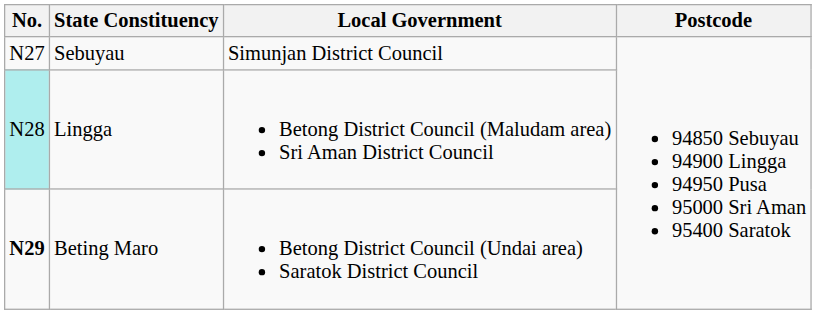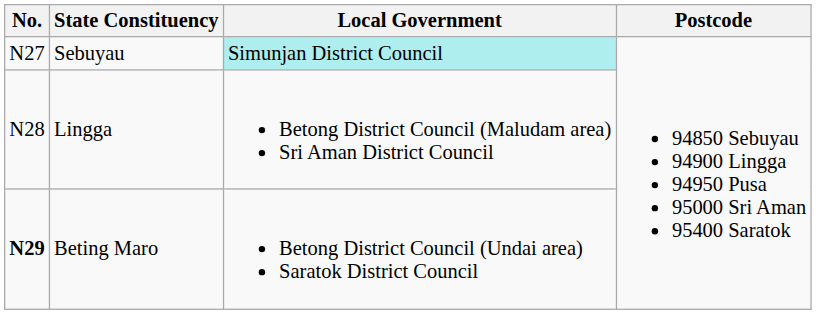 <table class="wikitable">
 <tr>
 <th>No.</th>
 <th>State Constituency</th>
 <th>Local Government</th>
 <th>Postcode</th>
 </tr>
 <tr>
 <td>N27</td>
 <td>Sebuyau</td>
-<td>Simunjan District Council</td>
+<td style="background: paleturquoise;">Simunjan District Council</td>
 <td rowspan="3"><br><ul><li>94850 Sebuyau</li><li>94900 Lingga</li><li>94950 Pusa</li><li>95000 Sri Aman</li><li>95400 Saratok</li></ul></td>
 </tr>
 <tr>
-<td style="background: paleturquoise;">N28</td>
+<td>N28</td>
 <td>Lingga</td>
 <td><br><ul><li>Betong District Council (Maludam area)</li><li>Sri Aman District Council</li></ul></td>
 </tr>
 <tr>
 <td><strong>N29</strong></td>
 <td>Beting Maro</td>
 <td><br><ul><li>Betong District Council (Undai area)</li><li>Saratok District Council</li></ul></td>
 </tr>
 </table>
